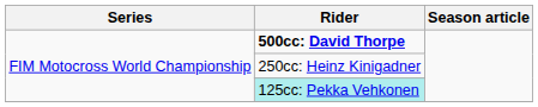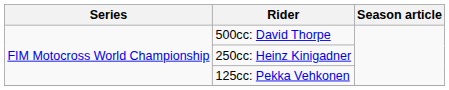 <table class="wikitable" style="font-size: 87%;">
 <tr>
 <th>Series</th>
 <th>Rider</th>
 <th>Season article</th>
 </tr>
 <tr>
 <td rowspan=3><a href='#'>FIM Motocross World Championship</a></td>
-<td><strong>500cc:  <a href='#'>David Thorpe</a></strong></td>
+<td>500cc:  <a href='#'>David Thorpe</a></td>
 <td rowspan=3></td>
 </tr>
 <tr>
 <td>250cc:  <a href='#'>Heinz Kinigadner</a></td>
 </tr>
 <tr>
-<td style="background: paleturquoise;">125cc:  <a href='#'>Pekka Vehkonen</a></td>
+<td>125cc:  <a href='#'>Pekka Vehkonen</a></td>
 </tr>
 <tr>
 </tr>
 </table>
